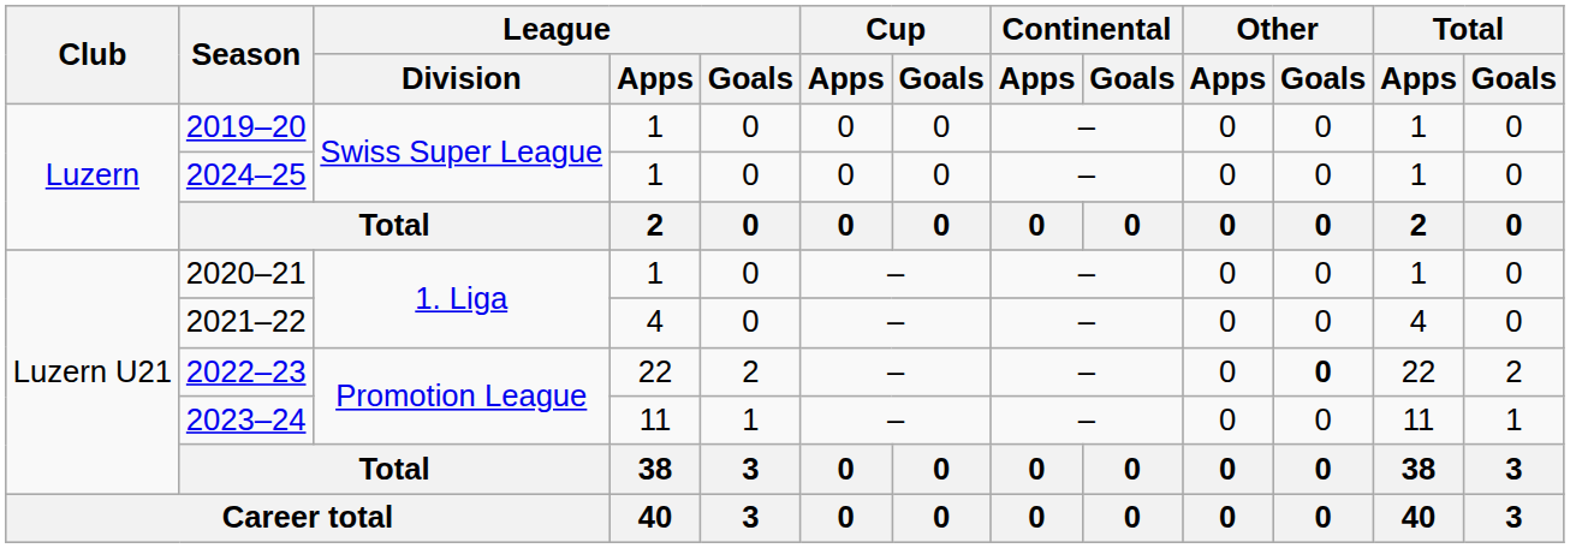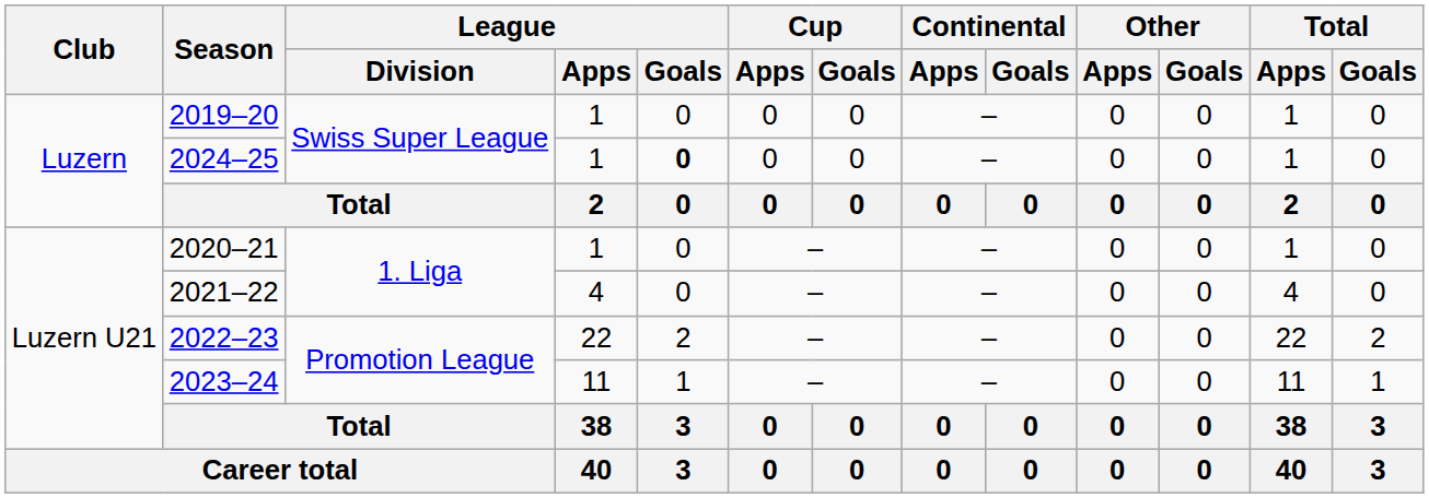 <table class="wikitable" style="text-align: center">
 <tr>
 <th rowspan="2">Club</th>
 <th rowspan="2">Season</th>
 <th colspan="3">League</th>
 <th colspan="2">Cup</th>
 <th colspan="2">Continental</th>
 <th colspan="2">Other</th>
 <th colspan="2">Total</th>
 </tr>
 <tr>
 <th>Division</th>
 <th>Apps</th>
 <th>Goals</th>
 <th>Apps</th>
 <th>Goals</th>
 <th>Apps</th>
 <th>Goals</th>
 <th>Apps</th>
 <th>Goals</th>
 <th>Apps</th>
 <th>Goals</th>
 </tr>
 <tr>
 <td rowspan="3"><a href='#'>Luzern</a></td>
 <td><a href='#'>2019–20</a></td>
 <td rowspan="2"><a href='#'>Swiss Super League</a></td>
 <td>1</td>
 <td>0</td>
 <td>0</td>
 <td>0</td>
 <td colspan="2">–</td>
 <td>0</td>
 <td>0</td>
 <td>1</td>
 <td>0</td>
 </tr>
 <tr>
 <td><a href='#'>2024–25</a></td>
 <td>1</td>
-<td>0</td>
+<td><strong>0</strong></td>
 <td>0</td>
 <td>0</td>
 <td colspan="2">–</td>
 <td>0</td>
 <td>0</td>
 <td>1</td>
 <td>0</td>
 </tr>
 <tr>
 <th colspan="2">Total</th>
 <th>2</th>
 <th>0</th>
 <th>0</th>
 <th>0</th>
 <th>0</th>
 <th>0</th>
 <th>0</th>
 <th>0</th>
 <th>2</th>
 <th>0</th>
 </tr>
 <tr>
 <td rowspan="5">Luzern U21</td>
 <td>2020–21</td>
 <td rowspan="2"><a href='#'>1. Liga</a></td>
 <td>1</td>
 <td>0</td>
 <td colspan="2">–</td>
 <td colspan="2">–</td>
 <td>0</td>
 <td>0</td>
 <td>1</td>
 <td>0</td>
 </tr>
 <tr>
 <td>2021–22</td>
 <td>4</td>
 <td>0</td>
 <td colspan="2">–</td>
 <td colspan="2">–</td>
 <td>0</td>
 <td>0</td>
 <td>4</td>
 <td>0</td>
 </tr>
 <tr>
 <td><a href='#'>2022–23</a></td>
 <td rowspan="2"><a href='#'>Promotion League</a></td>
 <td>22</td>
 <td>2</td>
 <td colspan="2">–</td>
 <td colspan="2">–</td>
 <td>0</td>
-<td><strong>0</strong></td>
+<td>0</td>
 <td>22</td>
 <td>2</td>
 </tr>
 <tr>
 <td><a href='#'>2023–24</a></td>
 <td>11</td>
 <td>1</td>
 <td colspan="2">–</td>
 <td colspan="2">–</td>
 <td>0</td>
 <td>0</td>
 <td>11</td>
 <td>1</td>
 </tr>
 <tr>
 <th colspan="2">Total</th>
 <th>38</th>
 <th>3</th>
 <th>0</th>
 <th>0</th>
 <th>0</th>
 <th>0</th>
 <th>0</th>
 <th>0</th>
 <th>38</th>
 <th>3</th>
 </tr>
 <tr>
 <th colspan="3">Career total</th>
 <th>40</th>
 <th>3</th>
 <th>0</th>
 <th>0</th>
 <th>0</th>
 <th>0</th>
 <th>0</th>
 <th>0</th>
 <th>40</th>
 <th>3</th>
 </tr>
 </table>
